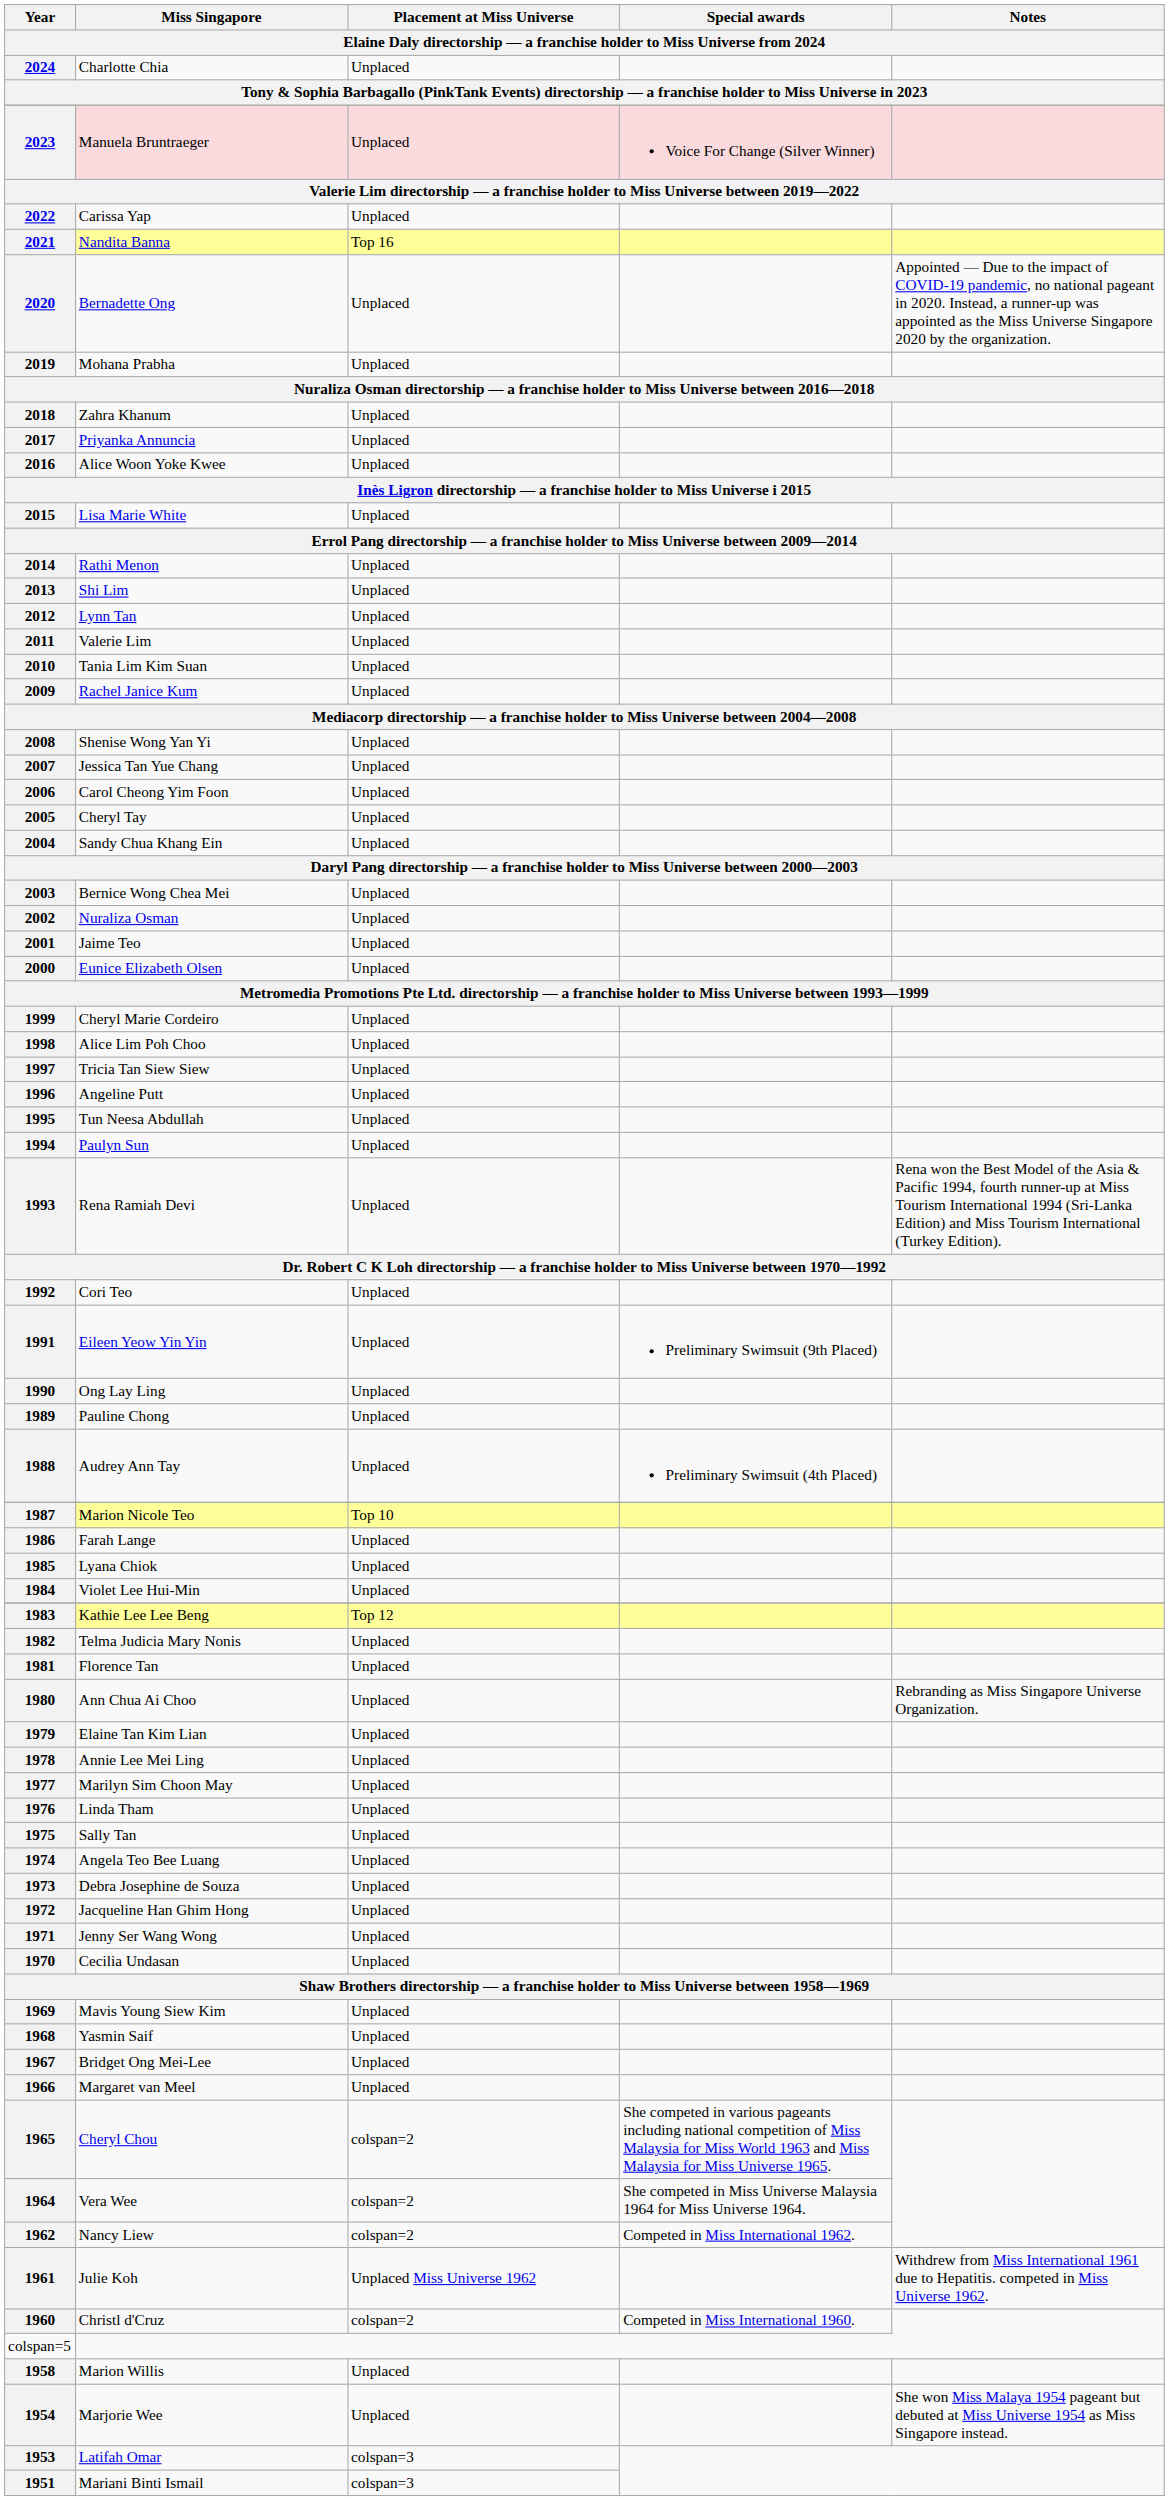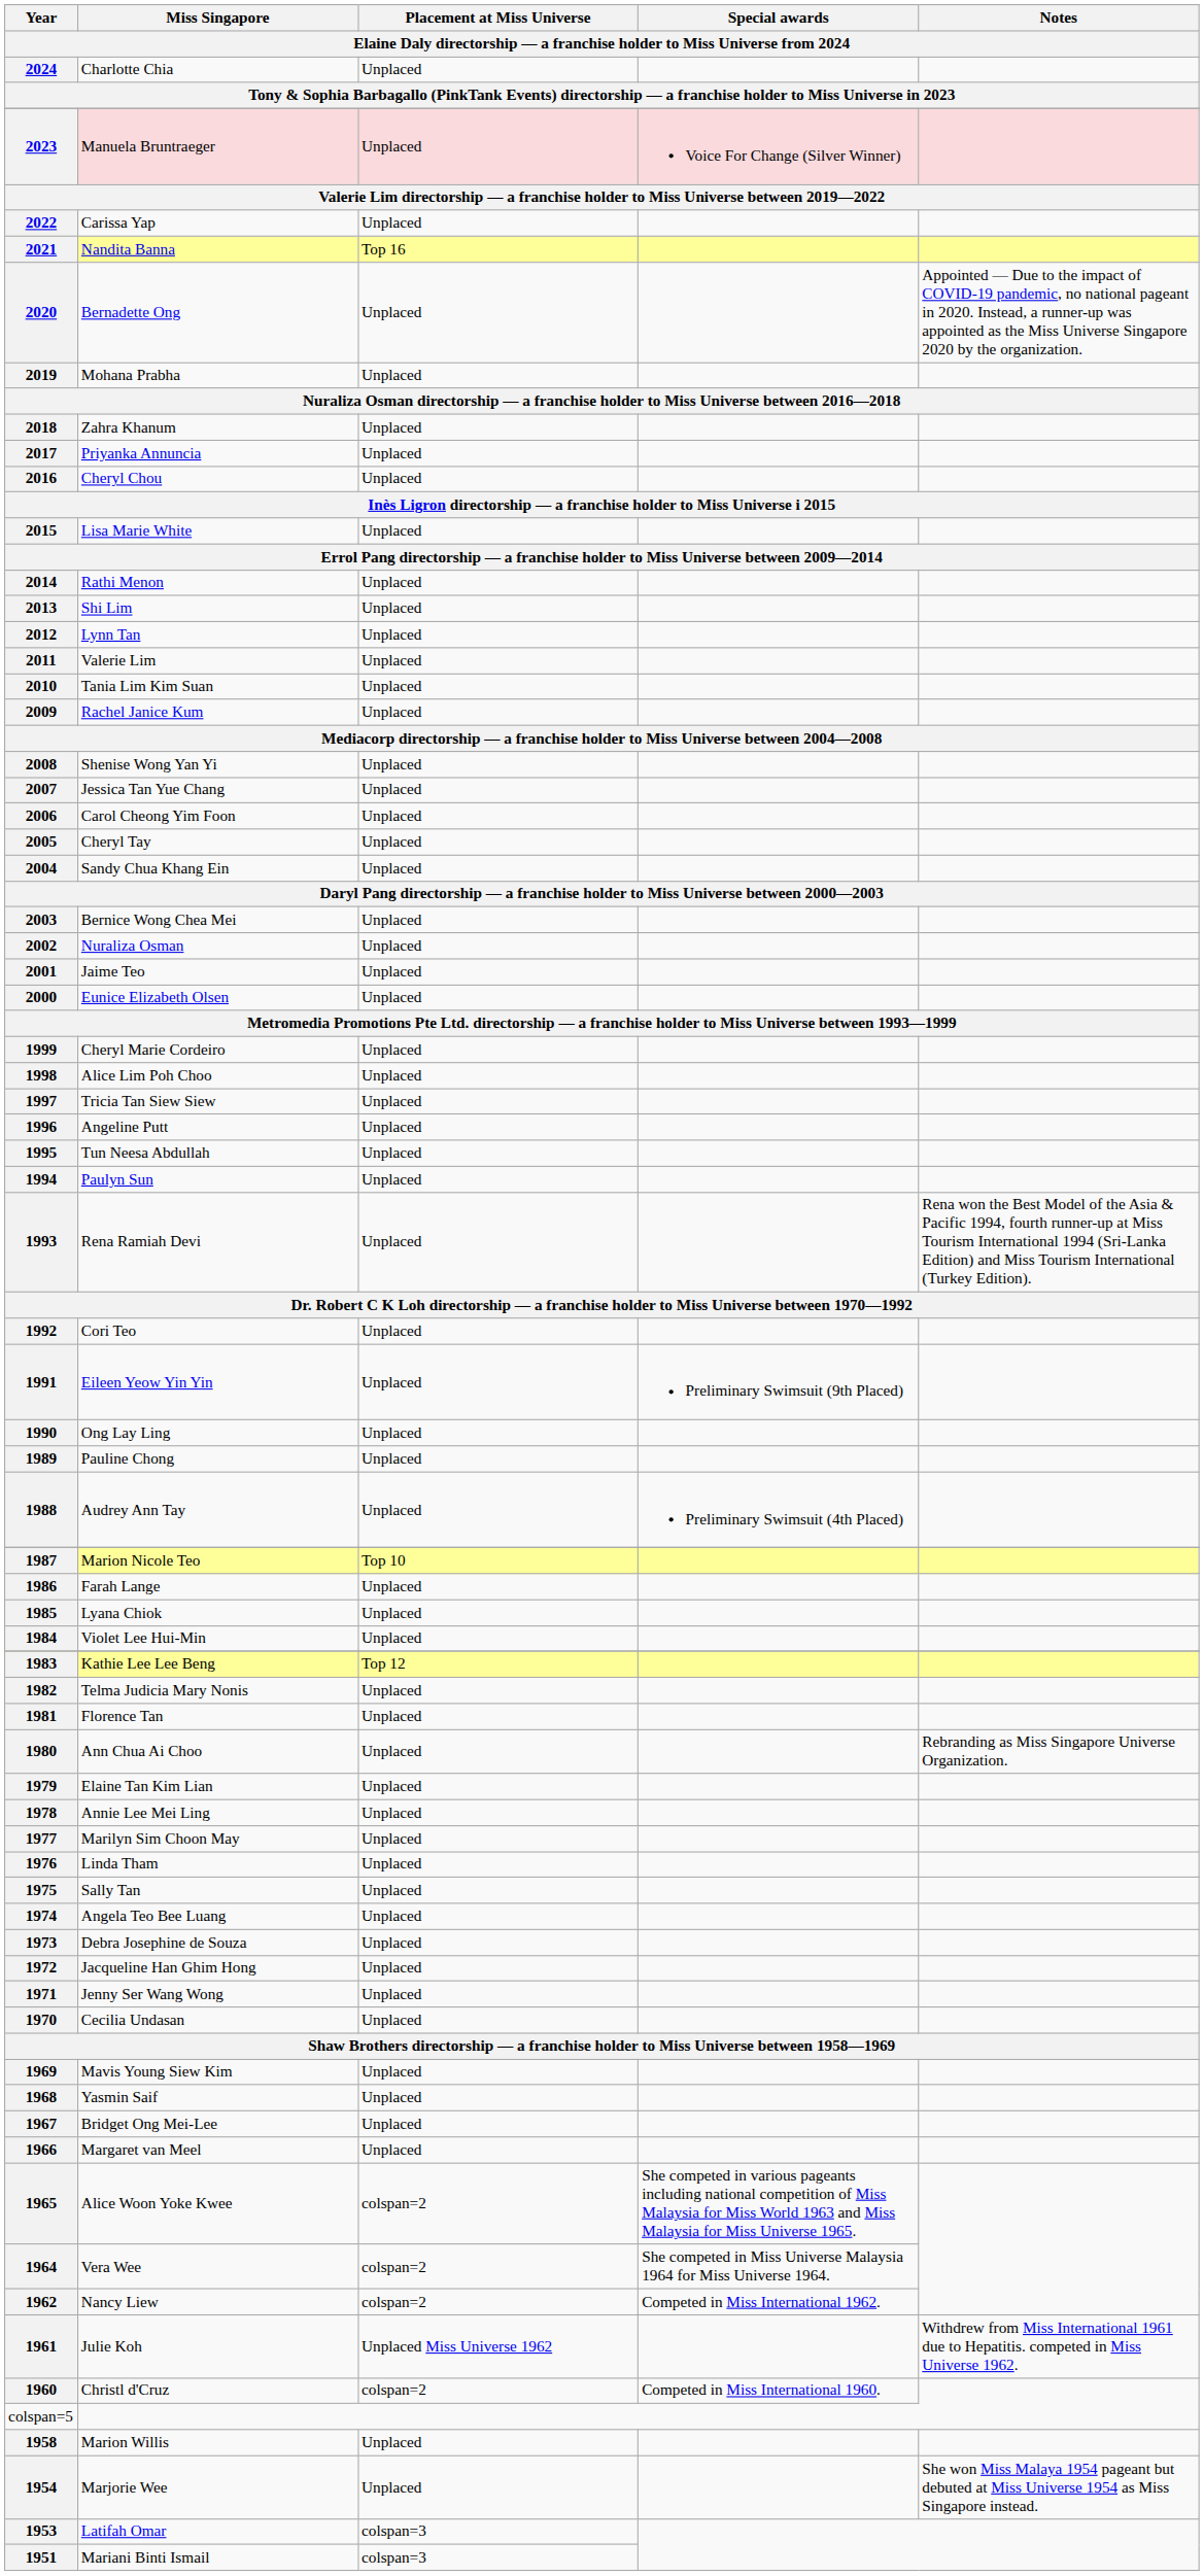 <table class="wikitable " style="font-size: 90%;">
 <tr>
 <th width="60">Year</th>
 <th width="250">Miss Singapore</th>
 <th width="250">Placement at Miss Universe</th>
 <th width="250">Special awards</th>
 <th width="250">Notes</th>
 </tr>
 <tr>
 <th colspan="5">Elaine Daly directorship — a franchise holder to Miss Universe from 2024</th>
 </tr>
 <tr>
 <th><a href='#'>2024</a></th>
 <td>Charlotte Chia</td>
 <td>Unplaced</td>
 <td></td>
 <td></td>
 </tr>
 <tr>
 <th colspan="5">Tony & Sophia Barbagallo (PinkTank Events) directorship — a franchise holder to Miss Universe in 2023</th>
 </tr>
 <tr>
 </tr>
 <tr style="background-color:#FADADD;">
 <th><a href='#'>2023</a></th>
 <td>Manuela Bruntraeger</td>
 <td>Unplaced</td>
 <td align="left"><br><ul><li>Voice For Change (Silver Winner)</li></ul></td>
 <td></td>
 </tr>
 <tr>
 <th colspan="5">Valerie Lim directorship — a franchise holder to Miss Universe between 2019―2022</th>
 </tr>
 <tr>
 <th><a href='#'>2022</a></th>
 <td>Carissa Yap</td>
 <td>Unplaced</td>
 <td></td>
 <td></td>
 </tr>
 <tr style="background-color:#FFFF99;">
 <th><a href='#'>2021</a></th>
 <td><a href='#'>Nandita Banna</a></td>
 <td>Top 16</td>
 <td></td>
 <td></td>
 </tr>
 <tr>
 <th><a href='#'>2020</a></th>
 <td><a href='#'>Bernadette Ong</a></td>
 <td>Unplaced</td>
 <td></td>
 <td>Appointed — Due to the impact of <a href='#'>COVID-19 pandemic</a>, no national pageant in 2020. Instead, a runner-up was appointed as the Miss Universe Singapore 2020 by the organization.</td>
 </tr>
 <tr>
 <th>2019</th>
 <td>Mohana Prabha</td>
 <td>Unplaced</td>
 <td></td>
 <td></td>
 </tr>
 <tr>
 <th colspan="5">Nuraliza Osman directorship — a franchise holder to Miss Universe between 2016―2018</th>
 </tr>
 <tr>
 <th>2018</th>
 <td>Zahra Khanum</td>
 <td>Unplaced</td>
 <td></td>
 <td></td>
 </tr>
 <tr>
 <th>2017</th>
 <td><a href='#'>Priyanka Annuncia</a></td>
 <td>Unplaced</td>
 <td></td>
 <td></td>
 </tr>
 <tr>
 <th>2016</th>
-<td>Alice Woon Yoke Kwee</td>
+<td><a href='#'>Cheryl Chou</a></td>
 <td>Unplaced</td>
 <td></td>
 <td></td>
 </tr>
 <tr>
 <th colspan="5"><a href='#'>Inès Ligron</a> directorship — a franchise holder to Miss Universe i 2015</th>
 </tr>
 <tr>
 <th>2015</th>
 <td><a href='#'>Lisa Marie White</a></td>
 <td>Unplaced</td>
 <td></td>
 <td></td>
 </tr>
 <tr>
 <th colspan="5">Errol Pang directorship — a franchise holder to Miss Universe between 2009―2014</th>
 </tr>
 <tr>
 <th>2014</th>
 <td><a href='#'>Rathi Menon</a></td>
 <td>Unplaced</td>
 <td></td>
 <td></td>
 </tr>
 <tr>
 <th>2013</th>
 <td><a href='#'>Shi Lim</a></td>
 <td>Unplaced</td>
 <td></td>
 <td></td>
 </tr>
 <tr>
 <th>2012</th>
 <td><a href='#'>Lynn Tan</a></td>
 <td>Unplaced</td>
 <td></td>
 <td></td>
 </tr>
 <tr>
 <th>2011</th>
 <td>Valerie Lim</td>
 <td>Unplaced</td>
 <td></td>
 <td></td>
 </tr>
 <tr>
 <th>2010</th>
 <td>Tania Lim Kim Suan</td>
 <td>Unplaced</td>
 <td></td>
 <td></td>
 </tr>
 <tr>
 <th>2009</th>
 <td><a href='#'>Rachel Janice Kum</a></td>
 <td>Unplaced</td>
 <td></td>
 <td></td>
 </tr>
 <tr>
 <th colspan="5">Mediacorp directorship — a franchise holder to Miss Universe between 2004―2008</th>
 </tr>
 <tr>
 <th>2008</th>
 <td>Shenise Wong Yan Yi</td>
 <td>Unplaced</td>
 <td></td>
 <td></td>
 </tr>
 <tr>
 <th>2007</th>
 <td>Jessica Tan Yue Chang</td>
 <td>Unplaced</td>
 <td></td>
 <td></td>
 </tr>
 <tr>
 <th>2006</th>
 <td>Carol Cheong Yim Foon</td>
 <td>Unplaced</td>
 <td></td>
 <td></td>
 </tr>
 <tr>
 <th>2005</th>
 <td>Cheryl Tay</td>
 <td>Unplaced</td>
 <td></td>
 <td></td>
 </tr>
 <tr>
 <th>2004</th>
 <td>Sandy Chua Khang Ein</td>
 <td>Unplaced</td>
 <td></td>
 <td></td>
 </tr>
 <tr>
 <th colspan="5">Daryl Pang directorship — a franchise holder to Miss Universe between 2000―2003</th>
 </tr>
 <tr>
 <th>2003</th>
 <td>Bernice Wong Chea Mei</td>
 <td>Unplaced</td>
 <td></td>
 <td></td>
 </tr>
 <tr>
 <th>2002</th>
 <td><a href='#'>Nuraliza Osman</a></td>
 <td>Unplaced</td>
 <td></td>
 <td></td>
 </tr>
 <tr>
 <th>2001</th>
 <td>Jaime Teo</td>
 <td>Unplaced</td>
 <td></td>
 <td></td>
 </tr>
 <tr>
 <th>2000</th>
 <td><a href='#'>Eunice Elizabeth Olsen</a></td>
 <td>Unplaced</td>
 <td></td>
 <td></td>
 </tr>
 <tr>
 <th colspan="5">Metromedia Promotions Pte Ltd. directorship — a franchise holder to Miss Universe between 1993―1999</th>
 </tr>
 <tr>
 <th>1999</th>
 <td>Cheryl Marie Cordeiro</td>
 <td>Unplaced</td>
 <td></td>
 <td></td>
 </tr>
 <tr>
 <th>1998</th>
 <td>Alice Lim Poh Choo</td>
 <td>Unplaced</td>
 <td></td>
 <td></td>
 </tr>
 <tr>
 <th>1997</th>
 <td>Tricia Tan Siew Siew</td>
 <td>Unplaced</td>
 <td></td>
 <td></td>
 </tr>
 <tr>
 <th>1996</th>
 <td>Angeline Putt</td>
 <td>Unplaced</td>
 <td></td>
 <td></td>
 </tr>
 <tr>
 <th>1995</th>
 <td>Tun Neesa Abdullah</td>
 <td>Unplaced</td>
 <td></td>
 <td></td>
 </tr>
 <tr>
 <th>1994</th>
 <td><a href='#'>Paulyn Sun</a></td>
 <td>Unplaced</td>
 <td></td>
 <td></td>
 </tr>
 <tr>
 <th>1993</th>
 <td>Rena Ramiah Devi</td>
 <td>Unplaced</td>
 <td></td>
 <td>Rena won the Best Model of the Asia & Pacific 1994, fourth runner-up at Miss Tourism International 1994 (Sri-Lanka Edition) and Miss Tourism International (Turkey Edition).</td>
 </tr>
 <tr>
 <th colspan="5">Dr. Robert C K Loh directorship — a franchise holder to Miss Universe between 1970―1992</th>
 </tr>
 <tr>
 <th>1992</th>
 <td>Cori Teo</td>
 <td>Unplaced</td>
 <td></td>
 <td></td>
 </tr>
 <tr>
 <th>1991</th>
 <td><a href='#'>Eileen Yeow Yin Yin</a></td>
 <td>Unplaced</td>
 <td align="left"><br><ul><li>Preliminary Swimsuit (9th Placed)</li></ul></td>
 <td></td>
 </tr>
 <tr>
 <th>1990</th>
 <td>Ong Lay Ling</td>
 <td>Unplaced</td>
 <td></td>
 <td></td>
 </tr>
 <tr>
 <th>1989</th>
 <td>Pauline Chong</td>
 <td>Unplaced</td>
 <td></td>
 <td></td>
 </tr>
 <tr>
 <th>1988</th>
 <td>Audrey Ann Tay</td>
 <td>Unplaced</td>
 <td align="left"><br><ul><li>Preliminary Swimsuit (4th Placed)</li></ul></td>
 <td></td>
 </tr>
 <tr>
 </tr>
 <tr style="background-color:#FFFF99;">
 <th>1987</th>
 <td>Marion Nicole Teo</td>
 <td>Top 10</td>
 <td></td>
 <td></td>
 </tr>
 <tr>
 <th>1986</th>
 <td>Farah Lange</td>
 <td>Unplaced</td>
 <td></td>
 <td></td>
 </tr>
 <tr>
 <th>1985</th>
 <td>Lyana Chiok</td>
 <td>Unplaced</td>
 <td></td>
 <td></td>
 </tr>
 <tr>
 <th>1984</th>
 <td>Violet Lee Hui-Min</td>
 <td>Unplaced</td>
 <td></td>
 <td></td>
 </tr>
 <tr>
 </tr>
 <tr style="background-color:#FFFF99;">
 <th>1983</th>
 <td>Kathie Lee Lee Beng</td>
 <td>Top 12</td>
 <td></td>
 <td></td>
 </tr>
 <tr>
 <th>1982</th>
 <td>Telma Judicia Mary Nonis</td>
 <td>Unplaced</td>
 <td></td>
 <td></td>
 </tr>
 <tr>
 <th>1981</th>
 <td>Florence Tan</td>
 <td>Unplaced</td>
 <td></td>
 <td></td>
 </tr>
 <tr>
 <th>1980</th>
 <td>Ann Chua Ai Choo</td>
 <td>Unplaced</td>
 <td></td>
 <td>Rebranding as Miss Singapore Universe Organization.</td>
 </tr>
 <tr>
 <th>1979</th>
 <td>Elaine Tan Kim Lian</td>
 <td>Unplaced</td>
 <td></td>
 <td></td>
 </tr>
 <tr>
 <th>1978</th>
 <td>Annie Lee Mei Ling</td>
 <td>Unplaced</td>
 <td></td>
 <td></td>
 </tr>
 <tr>
 <th>1977</th>
 <td>Marilyn Sim Choon May</td>
 <td>Unplaced</td>
 <td></td>
 <td></td>
 </tr>
 <tr>
 <th>1976</th>
 <td>Linda Tham</td>
 <td>Unplaced</td>
 <td></td>
 <td></td>
 </tr>
 <tr>
 <th>1975</th>
 <td>Sally Tan</td>
 <td>Unplaced</td>
 <td></td>
 <td></td>
 </tr>
 <tr>
 <th>1974</th>
 <td>Angela Teo Bee Luang</td>
 <td>Unplaced</td>
 <td></td>
 <td></td>
 </tr>
 <tr>
 <th>1973</th>
 <td>Debra Josephine de Souza</td>
 <td>Unplaced</td>
 <td></td>
 <td></td>
 </tr>
 <tr>
 <th>1972</th>
 <td>Jacqueline Han Ghim Hong</td>
 <td>Unplaced</td>
 <td></td>
 <td></td>
 </tr>
 <tr>
 <th>1971</th>
 <td>Jenny Ser Wang Wong</td>
 <td>Unplaced</td>
 <td></td>
 <td></td>
 </tr>
 <tr>
 <th>1970</th>
 <td>Cecilia Undasan</td>
 <td>Unplaced</td>
 <td></td>
 <td></td>
 </tr>
 <tr>
 <th colspan="5">Shaw Brothers directorship — a franchise holder to Miss Universe between 1958―1969</th>
 </tr>
 <tr>
 <th>1969</th>
 <td>Mavis Young Siew Kim</td>
 <td>Unplaced</td>
 <td></td>
 <td></td>
 </tr>
 <tr>
 <th>1968</th>
 <td>Yasmin Saif</td>
 <td>Unplaced</td>
 <td></td>
 <td></td>
 </tr>
 <tr>
 <th>1967</th>
 <td>Bridget Ong Mei-Lee</td>
 <td>Unplaced</td>
 <td></td>
 <td></td>
 </tr>
 <tr>
 <th>1966</th>
 <td>Margaret van Meel</td>
 <td>Unplaced</td>
 <td></td>
 <td></td>
 </tr>
 <tr>
 <th>1965</th>
-<td><a href='#'>Cheryl Chou</a></td>
+<td>Alice Woon Yoke Kwee</td>
 <td>colspan=2 </td>
 <td>She competed in various pageants including national competition of <a href='#'>Miss Malaysia for Miss World 1963</a> and <a href='#'>Miss Malaysia for Miss Universe 1965</a>.</td>
 </tr>
 <tr>
 <th>1964</th>
 <td>Vera Wee</td>
 <td>colspan=2 </td>
 <td>She competed in Miss Universe Malaysia 1964 for Miss Universe 1964.</td>
 </tr>
 <tr>
 <th>1962</th>
 <td>Nancy Liew</td>
 <td>colspan=2 </td>
 <td>Competed in <a href='#'>Miss International 1962</a>.</td>
 </tr>
 <tr>
 <th>1961</th>
 <td>Julie Koh</td>
 <td>Unplaced <a href='#'>Miss Universe 1962</a></td>
 <td></td>
 <td>Withdrew from <a href='#'>Miss International 1961</a> due to Hepatitis. competed in <a href='#'>Miss Universe 1962</a>.</td>
 </tr>
 <tr>
 <th>1960</th>
 <td>Christl d'Cruz</td>
 <td>colspan=2 </td>
 <td>Competed in <a href='#'>Miss International 1960</a>.</td>
 </tr>
 <tr>
 <td>colspan=5 </td>
 </tr>
 <tr>
 <th>1958</th>
 <td>Marion Willis</td>
 <td>Unplaced</td>
 <td></td>
 <td></td>
 </tr>
 <tr>
 <th>1954</th>
 <td>Marjorie Wee</td>
 <td>Unplaced</td>
 <td></td>
 <td>She won <a href='#'>Miss Malaya 1954</a> pageant but debuted at <a href='#'>Miss Universe 1954</a> as Miss Singapore instead.</td>
 </tr>
 <tr>
 <th>1953</th>
 <td><a href='#'>Latifah Omar</a></td>
 <td>colspan=3 </td>
 </tr>
 <tr>
 <th>1951</th>
 <td>Mariani Binti Ismail</td>
 <td>colspan=3 </td>
 </tr>
 </table>
